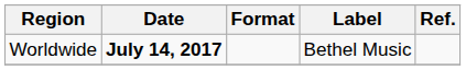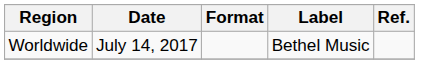 <table class="wikitable plainrowheaders">
 <tr>
 </tr>
 <tr>
 <th scope="col">Region</th>
 <th scope="col">Date</th>
 <th scope="col">Format</th>
 <th scope="col">Label</th>
 <th scope="col">Ref.</th>
 </tr>
 <tr>
 <td>Worldwide</td>
-<td><strong>July 14, 2017</strong></td>
+<td>July 14, 2017</td>
 <td></td>
 <td>Bethel Music</td>
 <td></td>
 </tr>
 <tr>
 </tr>
 </table>
